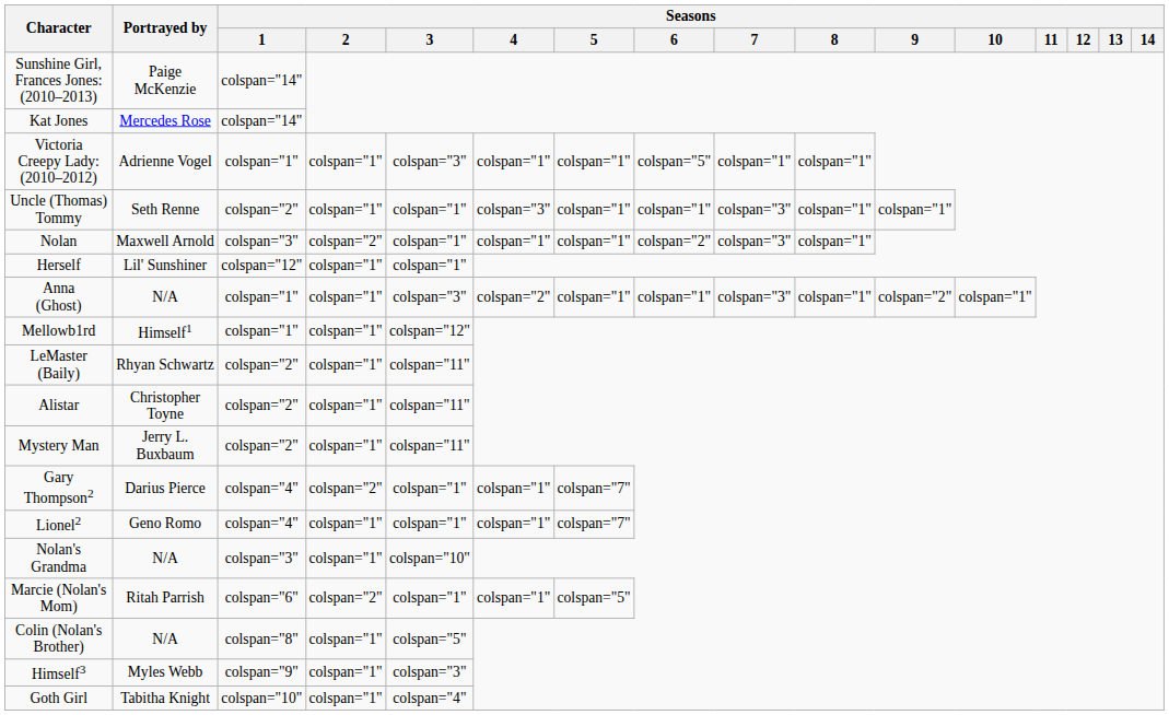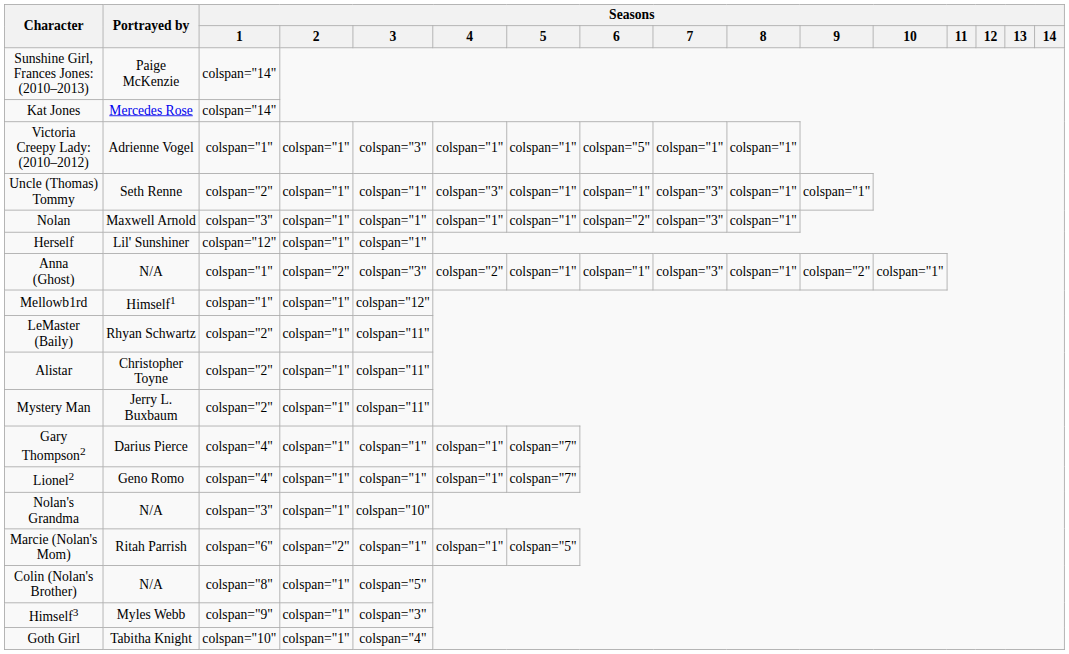 <table class="wikitable plainrowheaders" style="text-align:center">
 <tr>
 <th scope="col" rowspan="2" style="width:15%;">Character</th>
 <th scope="col" rowspan="2" style="width:15%;">Portrayed by</th>
 <th scope="col" colspan="14" style="width:60%;">Seasons</th>
 </tr>
 <tr>
 <th scope="col" style="width:5%;">1</th>
 <th scope="col" style="width:5%;">2</th>
 <th scope="col" style="width:5%;">3</th>
 <th scope="col" style="width:5%;">4</th>
 <th scope="col" style="width:5%;">5</th>
 <th scope="col" style="width:5%;">6</th>
 <th scope="col" style="width:5%;">7</th>
 <th scope="col" style="width:5%;">8</th>
 <th scope="col" style="width:5%;">9</th>
 <th scope="col" style="width:5%;">10</th>
 <th scope="col" style="width:5%;">11</th>
 <th scope="col" style="width:5%;">12</th>
 <th scope="col" style="width:5%;">13</th>
 <th scope="col" style="width:5%;">14</th>
 </tr>
 <tr>
 <td scope="row">Sunshine Girl, <br> Frances Jones:(2010–2013)</td>
 <td>Paige McKenzie</td>
 <td>colspan="14" </td>
 </tr>
 <tr>
 <td scope="row">Kat Jones</td>
 <td><a href='#'>Mercedes Rose</a></td>
 <td>colspan="14" </td>
 </tr>
 <tr>
 <td scope="row">Victoria <br> Creepy Lady:(2010–2012)</td>
 <td>Adrienne Vogel</td>
 <td>colspan="1" </td>
 <td>colspan="1" </td>
 <td>colspan="3" </td>
 <td>colspan="1" </td>
 <td>colspan="1" </td>
 <td>colspan="5" </td>
 <td>colspan="1" </td>
 <td>colspan="1" </td>
 </tr>
 <tr>
 <td scope="row">Uncle (Thomas) Tommy</td>
 <td>Seth Renne</td>
 <td>colspan="2" </td>
 <td>colspan="1" </td>
 <td>colspan="1" </td>
 <td>colspan="3" </td>
 <td>colspan="1" </td>
 <td>colspan="1" </td>
 <td>colspan="3" </td>
 <td>colspan="1" </td>
 <td>colspan="1" </td>
 </tr>
 <tr>
 <td scope="row">Nolan</td>
 <td>Maxwell Arnold</td>
 <td>colspan="3" </td>
-<td>colspan="2" </td>
+<td>colspan="1" </td>
 <td>colspan="1" </td>
 <td>colspan="1" </td>
 <td>colspan="1" </td>
 <td>colspan="2" </td>
 <td>colspan="3" </td>
 <td>colspan="1" </td>
 </tr>
 <tr>
 <td Scope="row">Herself</td>
 <td>Lil' Sunshiner</td>
 <td>colspan="12" </td>
 <td>colspan="1" </td>
 <td>colspan="1" </td>
 </tr>
 <tr>
 <td Scope="row">Anna <br> (Ghost)</td>
 <td>N/A</td>
 <td>colspan="1" </td>
-<td>colspan="1" </td>
+<td>colspan="2" </td>
 <td>colspan="3" </td>
 <td>colspan="2" </td>
 <td>colspan="1" </td>
 <td>colspan="1" </td>
 <td>colspan="3" </td>
 <td>colspan="1" </td>
 <td>colspan="2" </td>
 <td>colspan="1" </td>
 </tr>
 <tr>
 <td Scope="row">Mellowb1rd</td>
 <td>Himself<sup>1</sup></td>
 <td>colspan="1" </td>
 <td>colspan="1" </td>
 <td>colspan="12" </td>
 </tr>
 <tr>
 <td Scope="row">LeMaster (Baily)</td>
 <td>Rhyan Schwartz</td>
 <td>colspan="2" </td>
 <td>colspan="1" </td>
 <td>colspan="11" </td>
 </tr>
 <tr>
 <td Scope="row">Alistar</td>
 <td>Christopher Toyne</td>
 <td>colspan="2" </td>
 <td>colspan="1" </td>
 <td>colspan="11" </td>
 </tr>
 <tr>
 <td Scope="row">Mystery Man</td>
 <td>Jerry L. Buxbaum</td>
 <td>colspan="2" </td>
 <td>colspan="1" </td>
 <td>colspan="11" </td>
 </tr>
 <tr>
 <td Scope="row">Gary Thompson<sup>2</sup></td>
 <td>Darius Pierce</td>
 <td>colspan="4" </td>
-<td>colspan="2" </td>
+<td>colspan="1" </td>
 <td>colspan="1" </td>
 <td>colspan="1" </td>
 <td>colspan="7" </td>
 </tr>
 <tr>
 <td Scope="row">Lionel<sup>2</sup></td>
 <td>Geno Romo</td>
 <td>colspan="4" </td>
 <td>colspan="1" </td>
 <td>colspan="1" </td>
 <td>colspan="1" </td>
 <td>colspan="7" </td>
 </tr>
 <tr>
 <td Scope="row">Nolan's Grandma</td>
 <td>N/A</td>
 <td>colspan="3" </td>
 <td>colspan="1" </td>
 <td>colspan="10" </td>
 </tr>
 <tr>
 <td Scope="row">Marcie (Nolan's Mom)</td>
 <td>Ritah Parrish</td>
 <td>colspan="6" </td>
 <td>colspan="2" </td>
 <td>colspan="1" </td>
 <td>colspan="1" </td>
 <td>colspan="5" </td>
 </tr>
 <tr>
 <td Scope="row">Colin (Nolan's Brother)</td>
 <td>N/A</td>
 <td>colspan="8" </td>
 <td>colspan="1" </td>
 <td>colspan="5" </td>
 </tr>
 <tr>
 <td Scope="row">Himself<sup>3</sup></td>
 <td>Myles Webb</td>
 <td>colspan="9" </td>
 <td>colspan="1" </td>
 <td>colspan="3" </td>
 </tr>
 <tr>
 <td Scope="row">Goth Girl</td>
 <td>Tabitha Knight</td>
 <td>colspan="10" </td>
 <td>colspan="1" </td>
 <td>colspan="4" </td>
 </tr>
 </table>
